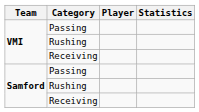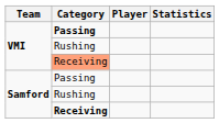 <table class="wikitable" style="float: right;">
 <tr>
 <th>Team</th>
 <th>Category</th>
 <th>Player</th>
 <th>Statistics</th>
 </tr>
 <tr>
 <td rowspan=3><strong>VMI</strong></td>
-<td>Passing</td>
+<td><strong>Passing</strong></td>
 <td></td>
 <td></td>
 </tr>
 <tr>
 <td>Rushing</td>
 <td></td>
 <td></td>
 </tr>
 <tr>
-<td>Receiving</td>
+<td style="background: lightsalmon;">Receiving</td>
 <td></td>
 <td></td>
 </tr>
 <tr>
 <td rowspan=3><strong>Samford</strong></td>
 <td>Passing</td>
 <td></td>
 <td></td>
 </tr>
 <tr>
 <td>Rushing</td>
 <td></td>
 <td></td>
 </tr>
 <tr>
-<td>Receiving</td>
+<td><strong>Receiving</strong></td>
 <td></td>
 <td></td>
 </tr>
 </table>
